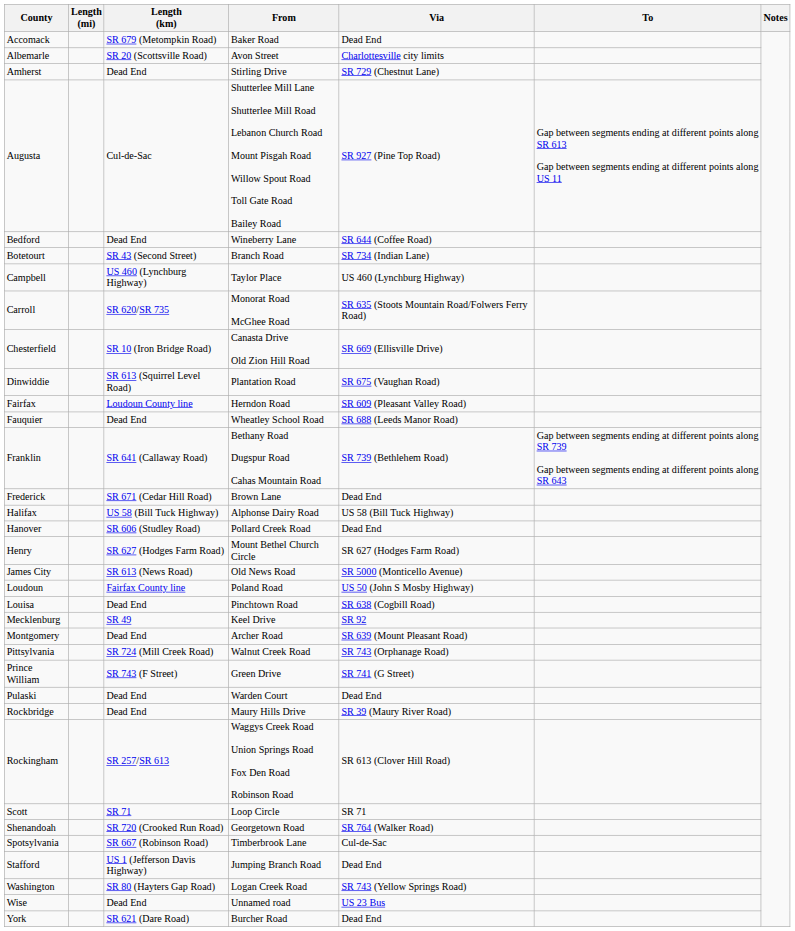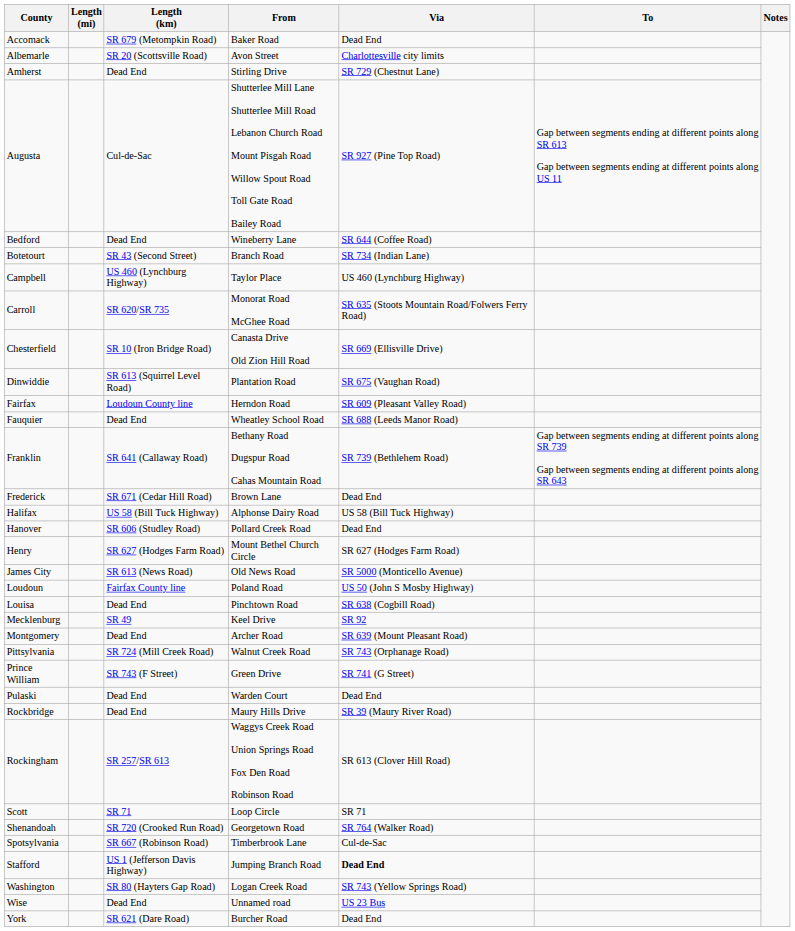 <table class="wikitable sortable">
 <tr>
 <th>County</th>
 <th>Length<br>(mi)</th>
 <th>Length<br>(km)</th>
 <th class="unsortable">From</th>
 <th class="unsortable">Via</th>
 <th class="unsortable">To</th>
 <th class="unsortable">Notes</th>
 </tr>
 <tr>
 <td id="Accomack">Accomack</td>
 <td></td>
 <td><a href='#'>SR 679</a> (Metompkin Road)</td>
 <td>Baker Road</td>
 <td>Dead End</td>
 <td></td>
 </tr>
 <tr>
 <td id="Albemarle">Albemarle</td>
 <td></td>
 <td><a href='#'>SR 20</a> (Scottsville Road)</td>
 <td>Avon Street</td>
 <td><a href='#'>Charlottesville</a> city limits</td>
 <td><br> </td>
 </tr>
 <tr>
 <td id="Amherst">Amherst</td>
 <td></td>
 <td>Dead End</td>
 <td>Stirling Drive</td>
 <td><a href='#'>SR 729</a> (Chestnut Lane)</td>
 <td><br> </td>
 </tr>
 <tr>
 <td id="Augusta">Augusta</td>
 <td></td>
 <td>Cul-de-Sac</td>
 <td>Shutterlee Mill Lane<br><br>Shutterlee Mill Road<br><br>Lebanon Church Road<br><br>Mount Pisgah Road<br><br>Willow Spout Road<br><br>Toll Gate Road<br><br>Bailey Road</td>
 <td><a href='#'>SR 927</a> (Pine Top Road)</td>
 <td>Gap between segments ending at different points along <a href='#'>SR 613</a><br><br>Gap between segments ending at different points along <a href='#'>US 11</a><br></td>
 </tr>
 <tr>
 <td id="Bedford">Bedford</td>
 <td></td>
 <td>Dead End</td>
 <td>Wineberry Lane</td>
 <td><a href='#'>SR 644</a> (Coffee Road)</td>
 <td><br></td>
 </tr>
 <tr>
 <td id="Botetourt">Botetourt</td>
 <td></td>
 <td><a href='#'>SR 43</a> (Second Street)</td>
 <td>Branch Road</td>
 <td><a href='#'>SR 734</a> (Indian Lane)</td>
 <td><br>  </td>
 </tr>
 <tr>
 <td id="Campbell">Campbell</td>
 <td></td>
 <td><a href='#'>US 460</a> (Lynchburg Highway)</td>
 <td>Taylor Place</td>
 <td>US 460 (Lynchburg Highway)</td>
 <td><br></td>
 </tr>
 <tr>
 <td id="Carroll">Carroll</td>
 <td></td>
 <td><a href='#'>SR 620</a>/<a href='#'>SR 735</a></td>
 <td>Monorat Road<br><br>McGhee Road</td>
 <td><a href='#'>SR 635</a> (Stoots Mountain Road/Folwers Ferry Road)</td>
 <td><br> </td>
 </tr>
 <tr>
 <td id="Chesterfield">Chesterfield</td>
 <td></td>
 <td><a href='#'>SR 10</a> (Iron Bridge Road)</td>
 <td>Canasta Drive<br><br>Old Zion Hill Road</td>
 <td><a href='#'>SR 669</a> (Ellisville Drive)</td>
 <td><br>    </td>
 </tr>
 <tr>
 <td id="Dinwiddie">Dinwiddie</td>
 <td></td>
 <td><a href='#'>SR 613</a> (Squirrel Level Road)</td>
 <td>Plantation Road</td>
 <td><a href='#'>SR 675</a> (Vaughan Road)</td>
 <td><br></td>
 </tr>
 <tr>
 <td id="Fairfax">Fairfax</td>
 <td></td>
 <td><a href='#'>Loudoun County line</a></td>
 <td>Herndon Road</td>
 <td><a href='#'>SR 609</a> (Pleasant Valley Road)</td>
 <td></td>
 </tr>
 <tr>
 <td id="Fauquier">Fauquier</td>
 <td></td>
 <td>Dead End</td>
 <td>Wheatley School Road</td>
 <td><a href='#'>SR 688</a> (Leeds Manor Road)</td>
 <td><br> </td>
 </tr>
 <tr>
 <td id="Franklin">Franklin</td>
 <td></td>
 <td><a href='#'>SR 641</a> (Callaway Road)</td>
 <td>Bethany Road<br><br>Dugspur Road<br><br>Cahas Mountain Road</td>
 <td><a href='#'>SR 739</a> (Bethlehem Road)</td>
 <td>Gap between segments ending at different points along <a href='#'>SR 739</a><br><br>Gap between segments ending at different points along <a href='#'>SR 643</a></td>
 </tr>
 <tr>
 <td id="Frederick">Frederick</td>
 <td></td>
 <td><a href='#'>SR 671</a> (Cedar Hill Road)</td>
 <td>Brown Lane</td>
 <td>Dead End</td>
 <td><br>     </td>
 </tr>
 <tr>
 <td id="Halifax">Halifax</td>
 <td></td>
 <td><a href='#'>US 58</a> (Bill Tuck Highway)</td>
 <td>Alphonse Dairy Road</td>
 <td>US 58 (Bill Tuck Highway)</td>
 <td></td>
 </tr>
 <tr>
 <td id="Hanover">Hanover</td>
 <td></td>
 <td><a href='#'>SR 606</a> (Studley Road)</td>
 <td>Pollard Creek Road</td>
 <td>Dead End</td>
 <td><br></td>
 </tr>
 <tr>
 <td id="Henry">Henry</td>
 <td></td>
 <td><a href='#'>SR 627</a> (Hodges Farm Road)</td>
 <td>Mount Bethel Church Circle</td>
 <td>SR 627 (Hodges Farm Road)</td>
 <td><br> </td>
 </tr>
 <tr>
 <td id="James City">James City</td>
 <td></td>
 <td><a href='#'>SR 613</a> (News Road)</td>
 <td>Old News Road</td>
 <td><a href='#'>SR 5000</a> (Monticello Avenue)</td>
 <td><br>    </td>
 </tr>
 <tr>
 <td id="Loudoun">Loudoun</td>
 <td></td>
 <td><a href='#'>Fairfax County line</a></td>
 <td>Poland Road</td>
 <td><a href='#'>US 50</a> (John S Mosby Highway)</td>
 <td></td>
 </tr>
 <tr>
 <td id="Louisa">Louisa</td>
 <td></td>
 <td>Dead End</td>
 <td>Pinchtown Road</td>
 <td><a href='#'>SR 638</a> (Cogbill Road)</td>
 <td><br>  </td>
 </tr>
 <tr>
 <td id="Mecklenburg">Mecklenburg</td>
 <td></td>
 <td><a href='#'>SR 49</a></td>
 <td>Keel Drive</td>
 <td><a href='#'>SR 92</a></td>
 <td><br></td>
 </tr>
 <tr>
 <td id="Montgomery">Montgomery</td>
 <td></td>
 <td>Dead End</td>
 <td>Archer Road</td>
 <td><a href='#'>SR 639</a> (Mount Pleasant Road)</td>
 <td><br>       </td>
 </tr>
 <tr>
 <td id="Pittsylvania">Pittsylvania</td>
 <td></td>
 <td><a href='#'>SR 724</a> (Mill Creek Road)</td>
 <td>Walnut Creek Road</td>
 <td><a href='#'>SR 743</a> (Orphanage Road)</td>
 <td><br>  </td>
 </tr>
 <tr>
 <td id="Prince William">Prince William</td>
 <td></td>
 <td><a href='#'>SR 743</a> (F Street)</td>
 <td>Green Drive</td>
 <td><a href='#'>SR 741</a> (G Street)</td>
 <td></td>
 </tr>
 <tr>
 <td id="Pulaski">Pulaski</td>
 <td></td>
 <td>Dead End</td>
 <td>Warden Court</td>
 <td>Dead End</td>
 <td><br>  </td>
 </tr>
 <tr>
 <td id="Rockbridge">Rockbridge</td>
 <td></td>
 <td>Dead End</td>
 <td>Maury Hills Drive</td>
 <td><a href='#'>SR 39</a> (Maury River Road)</td>
 <td></td>
 </tr>
 <tr>
 <td id="Rockingham">Rockingham</td>
 <td></td>
 <td><a href='#'>SR 257</a>/<a href='#'>SR 613</a></td>
 <td>Waggys Creek Road<br><br>Union Springs Road<br><br>Fox Den Road<br><br>Robinson Road</td>
 <td>SR 613 (Clover Hill Road)</td>
 <td><br></td>
 </tr>
 <tr>
 <td id="Scott">Scott</td>
 <td></td>
 <td><a href='#'>SR 71</a></td>
 <td>Loop Circle</td>
 <td>SR 71</td>
 <td></td>
 </tr>
 <tr>
 <td id="Shenandoah">Shenandoah</td>
 <td></td>
 <td><a href='#'>SR 720</a> (Crooked Run Road)</td>
 <td>Georgetown Road</td>
 <td><a href='#'>SR 764</a> (Walker Road)</td>
 <td><br> </td>
 </tr>
 <tr>
 <td id="Spotsylvania">Spotsylvania</td>
 <td></td>
 <td><a href='#'>SR 667</a> (Robinson Road)</td>
 <td>Timberbrook Lane</td>
 <td>Cul-de-Sac</td>
 <td></td>
 </tr>
 <tr>
 <td id="Stafford">Stafford</td>
 <td></td>
 <td><a href='#'>US 1</a> (Jefferson Davis Highway)</td>
 <td>Jumping Branch Road</td>
-<td>Dead End</td>
+<td><strong>Dead End</strong></td>
 <td><br>   </td>
 </tr>
 <tr>
 <td id="Washington">Washington</td>
 <td></td>
 <td><a href='#'>SR 80</a> (Hayters Gap Road)</td>
 <td>Logan Creek Road</td>
 <td><a href='#'>SR 743</a> (Yellow Springs Road)</td>
 <td><br></td>
 </tr>
 <tr>
 <td id="Wise">Wise</td>
 <td></td>
 <td>Dead End</td>
 <td>Unnamed road</td>
 <td><a href='#'>US 23 Bus</a></td>
 <td><br></td>
 </tr>
 <tr>
 <td id="York">York</td>
 <td></td>
 <td><a href='#'>SR 621</a> (Dare Road)</td>
 <td>Burcher Road</td>
 <td>Dead End</td>
 <td></td>
 </tr>
 </table>
